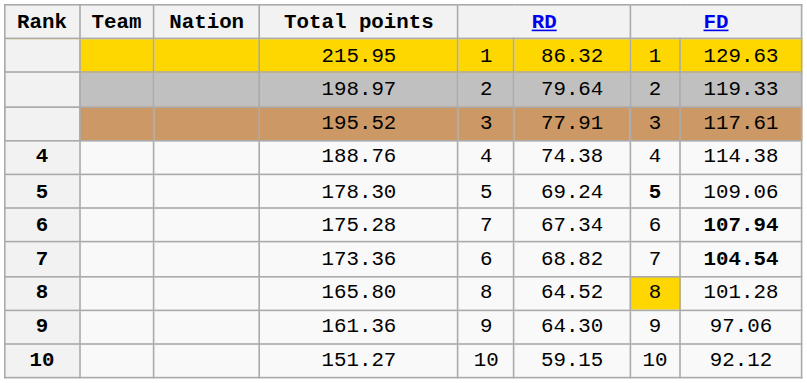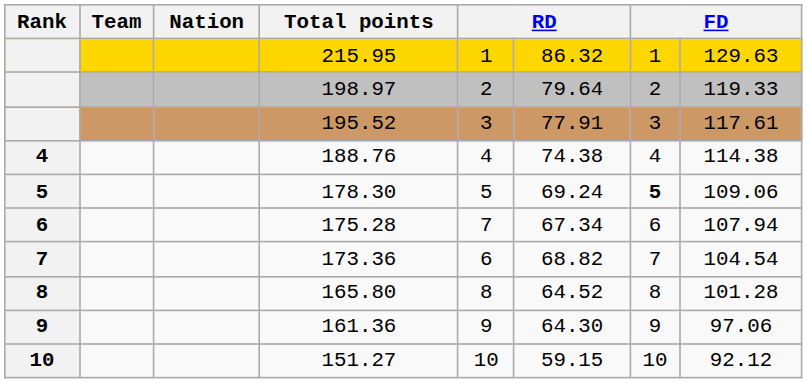 <table class="wikitable sortable" style="text-align:center;" width="80%">
 <tr>
 <th scope="col">Rank</th>
 <th scope="col">Team</th>
 <th scope="col">Nation</th>
 <th scope="col">Total points</th>
 <th scope="col" colspan="2" width="80px"><a href='#'>RD</a></th>
 <th scope="col" colspan="2" width="80px"><a href='#'>FD</a></th>
 </tr>
 <tr bgcolor="gold">
 <th scope="row"></th>
 <td align="left"></td>
 <td align="left"></td>
 <td>215.95</td>
 <td>1</td>
 <td>86.32</td>
 <td>1</td>
 <td>129.63</td>
 </tr>
 <tr bgcolor="silver">
 <th scope="row"></th>
 <td align="left"></td>
 <td align="left"></td>
 <td>198.97</td>
 <td>2</td>
 <td>79.64</td>
 <td>2</td>
 <td>119.33</td>
 </tr>
 <tr bgcolor="cc9966">
 <th scope="row"></th>
 <td align="left"></td>
 <td align="left"></td>
 <td>195.52</td>
 <td>3</td>
 <td>77.91</td>
 <td>3</td>
 <td>117.61</td>
 </tr>
 <tr>
 <th scope="row">4</th>
 <td align="left"></td>
 <td align="left"></td>
 <td>188.76</td>
 <td>4</td>
 <td>74.38</td>
 <td>4</td>
 <td>114.38</td>
 </tr>
 <tr>
 <th scope="row">5</th>
 <td align="left"></td>
 <td align="left"></td>
 <td>178.30</td>
 <td>5</td>
 <td>69.24</td>
 <td><strong>5</strong></td>
 <td>109.06</td>
 </tr>
 <tr>
 <th scope="row">6</th>
 <td align="left"></td>
 <td align="left"></td>
 <td>175.28</td>
 <td>7</td>
 <td>67.34</td>
 <td>6</td>
-<td><strong>107.94</strong></td>
+<td>107.94</td>
 </tr>
 <tr>
 <th scope="row">7</th>
 <td align="left"></td>
 <td align="left"></td>
 <td>173.36</td>
 <td>6</td>
 <td>68.82</td>
 <td>7</td>
-<td><strong>104.54</strong></td>
+<td>104.54</td>
 </tr>
 <tr>
 <th scope="row">8</th>
 <td align="left"></td>
 <td align="left"></td>
 <td>165.80</td>
 <td>8</td>
 <td>64.52</td>
-<td style="background: gold;">8</td>
+<td>8</td>
 <td>101.28</td>
 </tr>
 <tr>
 <th scope="row">9</th>
 <td align="left"></td>
 <td align="left"></td>
 <td>161.36</td>
 <td>9</td>
 <td>64.30</td>
 <td>9</td>
 <td>97.06</td>
 </tr>
 <tr>
 <th scope="row">10</th>
 <td align="left"></td>
 <td align="left"></td>
 <td>151.27</td>
 <td>10</td>
 <td>59.15</td>
 <td>10</td>
 <td>92.12</td>
 </tr>
 </table>
